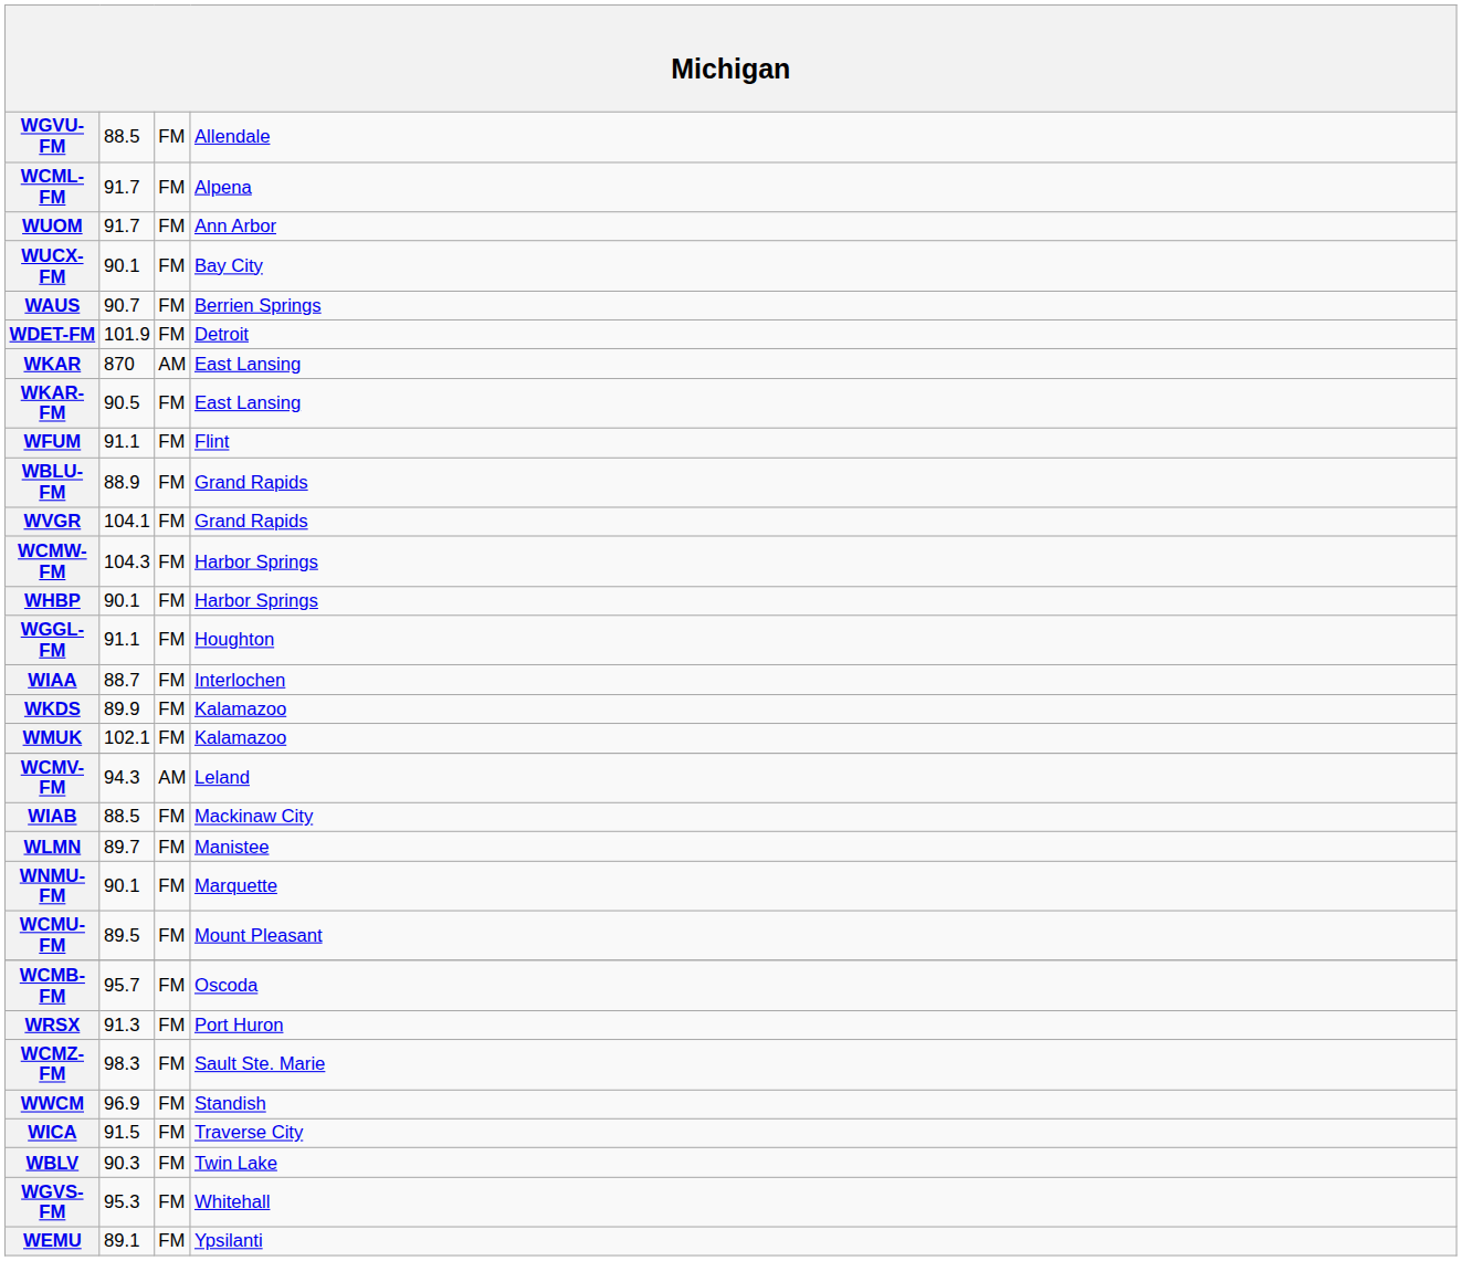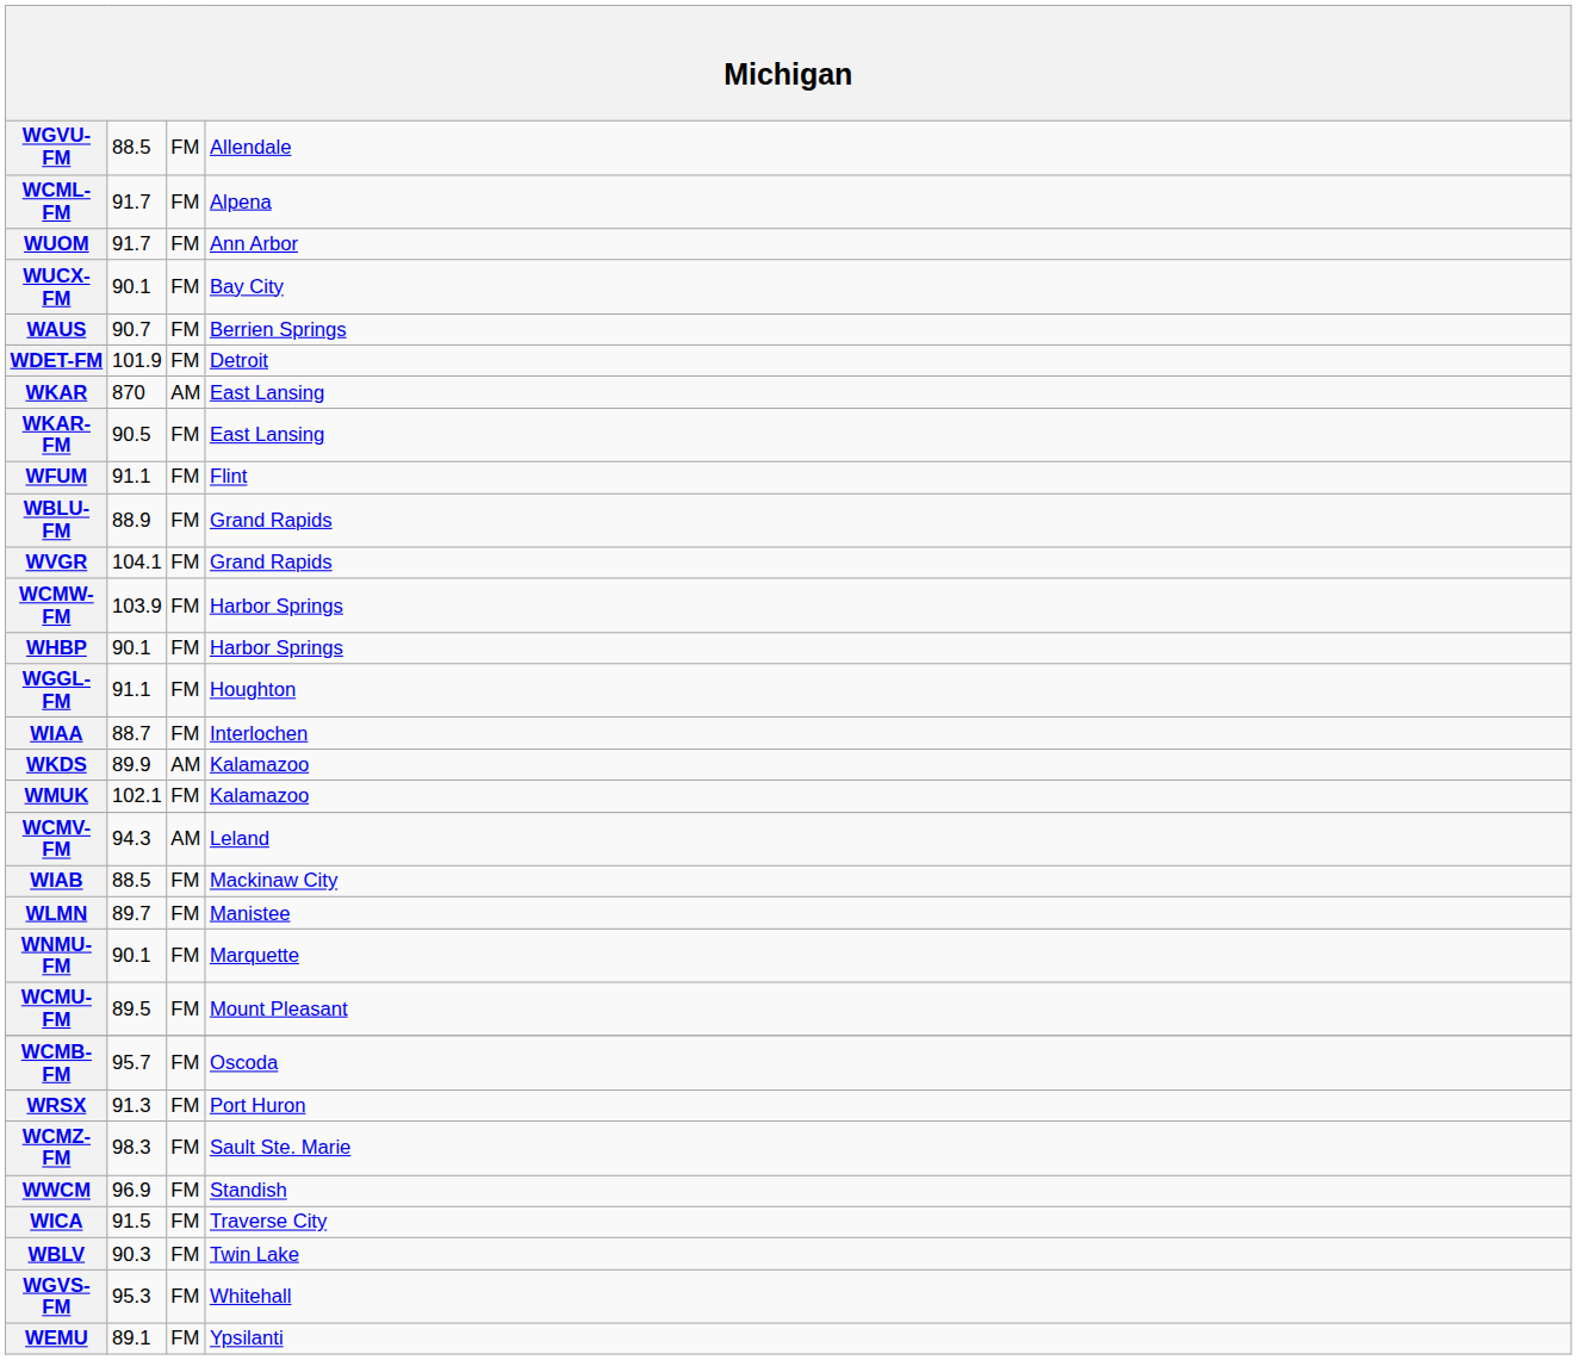 <table class="wikitable mw-collapsible" style="width:100%">
 <tr>
 <th scope="col" colspan="4"><br><h2>Michigan</h2></th>
 </tr>
 <tr>
 <th scope="row" style="width: 75px;"><a href='#'>WGVU-FM</a></th>
 <td style="width: 40px;">88.5</td>
 <td style="width: 21px;">FM</td>
 <td><a href='#'>Allendale</a></td>
 </tr>
 <tr>
 <th scope="row"><a href='#'>WCML-FM</a></th>
 <td>91.7</td>
 <td>FM</td>
 <td><a href='#'>Alpena</a></td>
 </tr>
 <tr>
 <th scope="row"><a href='#'>WUOM</a></th>
 <td>91.7</td>
 <td>FM</td>
 <td><a href='#'>Ann Arbor</a></td>
 </tr>
 <tr>
 <th scope="row"><a href='#'>WUCX-FM</a></th>
 <td>90.1</td>
 <td>FM</td>
 <td><a href='#'>Bay City</a></td>
 </tr>
 <tr>
 <th scope="row"><a href='#'>WAUS</a></th>
 <td>90.7</td>
 <td>FM</td>
 <td><a href='#'>Berrien Springs</a></td>
 </tr>
 <tr>
 <th scope="row"><a href='#'>WDET-FM</a></th>
 <td>101.9</td>
 <td>FM</td>
 <td><a href='#'>Detroit</a></td>
 </tr>
 <tr>
 <th scope="row"><a href='#'>WKAR</a></th>
 <td>870</td>
 <td>AM</td>
 <td><a href='#'>East Lansing</a></td>
 </tr>
 <tr>
 <th scope="row"><a href='#'>WKAR-FM</a></th>
 <td>90.5</td>
 <td>FM</td>
 <td><a href='#'>East Lansing</a></td>
 </tr>
 <tr>
 <th scope="row"><a href='#'>WFUM</a></th>
 <td>91.1</td>
 <td>FM</td>
 <td><a href='#'>Flint</a></td>
 </tr>
 <tr>
 <th scope="row"><a href='#'>WBLU-FM</a></th>
 <td>88.9</td>
 <td>FM</td>
 <td><a href='#'>Grand Rapids</a></td>
 </tr>
 <tr>
 <th scope="row"><a href='#'>WVGR</a></th>
 <td>104.1</td>
 <td>FM</td>
 <td><a href='#'>Grand Rapids</a></td>
 </tr>
 <tr>
 <th scope="row"><a href='#'>WCMW-FM</a></th>
-<td>104.3</td>
+<td>103.9</td>
 <td>FM</td>
 <td><a href='#'>Harbor Springs</a></td>
 </tr>
 <tr>
 <th scope="row"><a href='#'>WHBP</a></th>
 <td>90.1</td>
 <td>FM</td>
 <td><a href='#'>Harbor Springs</a></td>
 </tr>
 <tr>
 <th scope="row"><a href='#'>WGGL-FM</a></th>
 <td>91.1</td>
 <td>FM</td>
 <td><a href='#'>Houghton</a></td>
 </tr>
 <tr>
 <th scope="row"><a href='#'>WIAA</a></th>
 <td>88.7</td>
 <td>FM</td>
 <td><a href='#'>Interlochen</a></td>
 </tr>
 <tr>
 <th scope="row"><a href='#'>WKDS</a></th>
 <td>89.9</td>
-<td>FM</td>
+<td>AM</td>
 <td><a href='#'>Kalamazoo</a></td>
 </tr>
 <tr>
 <th scope="row"><a href='#'>WMUK</a></th>
 <td>102.1</td>
 <td>FM</td>
 <td><a href='#'>Kalamazoo</a></td>
 </tr>
 <tr>
 </tr>
 <tr>
 <th scope="row"><a href='#'>WCMV-FM</a></th>
 <td>94.3</td>
 <td>AM</td>
 <td><a href='#'>Leland</a></td>
 </tr>
 <tr>
 <th scope="row"><a href='#'>WIAB</a></th>
 <td>88.5</td>
 <td>FM</td>
 <td><a href='#'>Mackinaw City</a></td>
 </tr>
 <tr>
 <th scope="row"><a href='#'>WLMN</a></th>
 <td>89.7</td>
 <td>FM</td>
 <td><a href='#'>Manistee</a></td>
 </tr>
 <tr>
 <th scope="row"><a href='#'>WNMU-FM</a></th>
 <td>90.1</td>
 <td>FM</td>
 <td><a href='#'>Marquette</a></td>
 </tr>
 <tr>
 <th scope="row"><a href='#'>WCMU-FM</a></th>
 <td>89.5</td>
 <td>FM</td>
 <td><a href='#'>Mount Pleasant</a></td>
 </tr>
 <tr>
 </tr>
 <tr>
 <th scope="row"><a href='#'>WCMB-FM</a></th>
 <td>95.7</td>
 <td>FM</td>
 <td><a href='#'>Oscoda</a></td>
 </tr>
 <tr>
 <th scope="row"><a href='#'>WRSX</a></th>
 <td>91.3</td>
 <td>FM</td>
 <td><a href='#'>Port Huron</a></td>
 </tr>
 <tr>
 <th scope="row"><a href='#'>WCMZ-FM</a></th>
 <td>98.3</td>
 <td>FM</td>
 <td><a href='#'>Sault Ste. Marie</a></td>
 </tr>
 <tr>
 <th scope="row"><a href='#'>WWCM</a></th>
 <td>96.9</td>
 <td>FM</td>
 <td><a href='#'>Standish</a></td>
 </tr>
 <tr>
 <th scope="row"><a href='#'>WICA</a></th>
 <td>91.5</td>
 <td>FM</td>
 <td><a href='#'>Traverse City</a></td>
 </tr>
 <tr>
 <th scope="row"><a href='#'>WBLV</a></th>
 <td>90.3</td>
 <td>FM</td>
 <td><a href='#'>Twin Lake</a></td>
 </tr>
 <tr>
 <th scope="row"><a href='#'>WGVS-FM</a></th>
 <td>95.3</td>
 <td>FM</td>
 <td><a href='#'>Whitehall</a></td>
 </tr>
 <tr>
 <th scope="row"><a href='#'>WEMU</a></th>
 <td>89.1</td>
 <td>FM</td>
 <td><a href='#'>Ypsilanti</a></td>
 </tr>
 </table>
